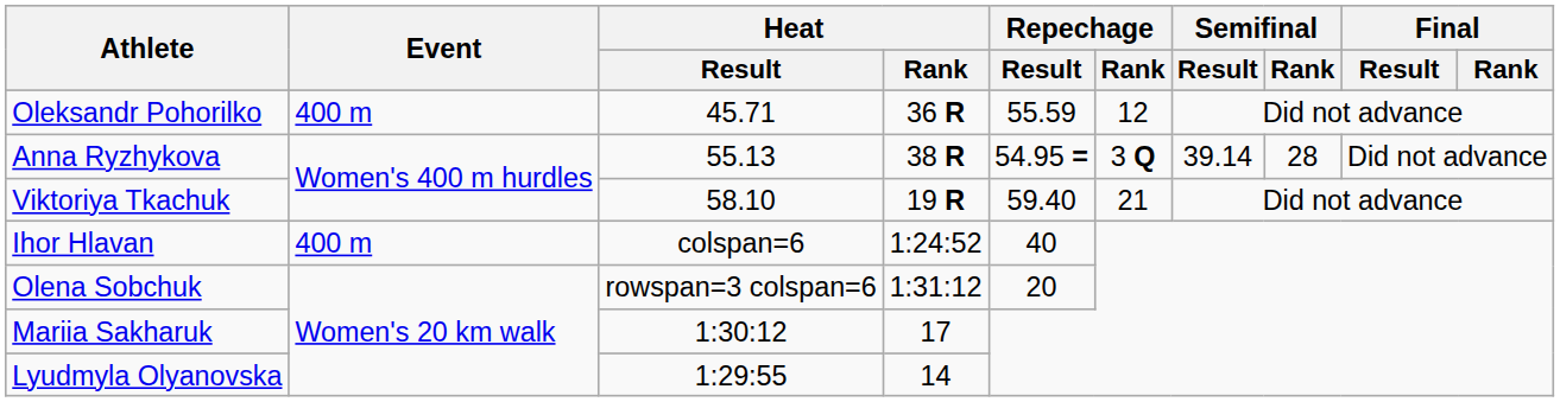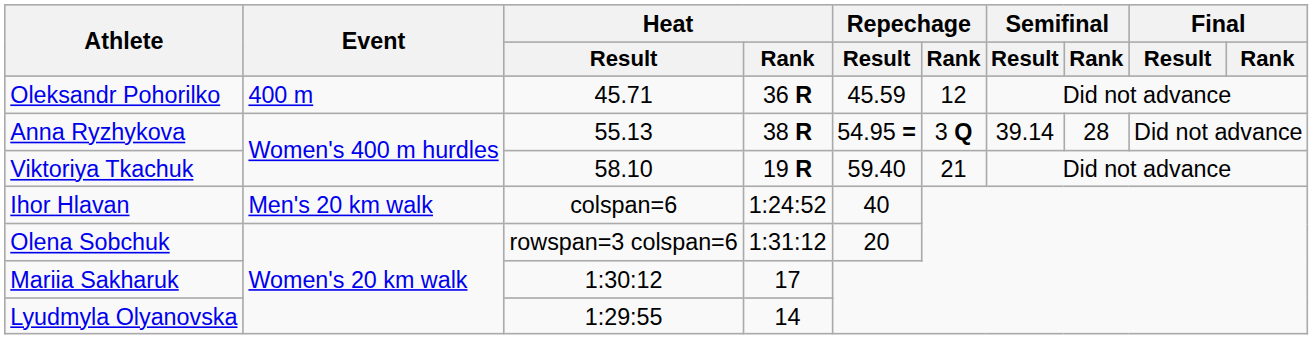 <table class="wikitable" style="font-size:90%">
 <tr>
 <th rowspan="2">Athlete</th>
 <th rowspan="2">Event</th>
 <th colspan="2">Heat</th>
 <th colspan="2">Repechage</th>
 <th colspan="2">Semifinal</th>
 <th colspan="2">Final</th>
 </tr>
 <tr style="font-size:95%">
 <th>Result</th>
 <th>Rank</th>
 <th>Result</th>
 <th>Rank</th>
 <th>Result</th>
 <th>Rank</th>
 <th>Result</th>
 <th>Rank</th>
 </tr>
 <tr align=center>
 <td align=left><a href='#'>Oleksandr Pohorilko</a></td>
 <td align=left><a href='#'>400 m</a></td>
 <td>45.71</td>
 <td>36 <strong>R</strong></td>
-<td>55.59</td>
+<td>45.59</td>
 <td>12</td>
 <td colspan=4>Did not advance</td>
 </tr>
 <tr align=center>
 <td align=left><a href='#'>Anna Ryzhykova</a></td>
 <td align=left rowspan=2><a href='#'>Women's 400 m hurdles</a></td>
 <td>55.13</td>
 <td>38 <strong>R</strong></td>
 <td>54.95 <strong>=</strong></td>
 <td>3 <strong>Q</strong></td>
 <td>39.14</td>
 <td>28</td>
 <td colspan=2>Did not advance</td>
 </tr>
 <tr align=center>
 <td align=left><a href='#'>Viktoriya Tkachuk</a></td>
 <td>58.10 <strong></strong></td>
 <td>19 <strong>R</strong></td>
 <td>59.40</td>
 <td>21</td>
 <td colspan=4>Did not advance</td>
 </tr>
 <tr align=center>
 <td align=left><a href='#'>Ihor Hlavan</a></td>
-<td align=left><a href='#'>400 m</a></td>
+<td align=left><a href='#'>Men's 20 km walk</a></td>
 <td>colspan=6 </td>
 <td>1:24:52</td>
 <td>40</td>
 </tr>
 <tr align=center>
 <td align=left><a href='#'>Olena Sobchuk</a></td>
 <td align=left rowspan=3><a href='#'>Women's 20 km walk</a></td>
 <td>rowspan=3 colspan=6 </td>
 <td>1:31:12</td>
 <td>20</td>
 </tr>
 <tr align=center>
 <td align=left><a href='#'>Mariia Sakharuk</a></td>
 <td>1:30:12</td>
 <td>17</td>
 </tr>
 <tr align=center>
 <td align=left><a href='#'>Lyudmyla Olyanovska</a></td>
 <td>1:29:55</td>
 <td>14</td>
 </tr>
 </table>
